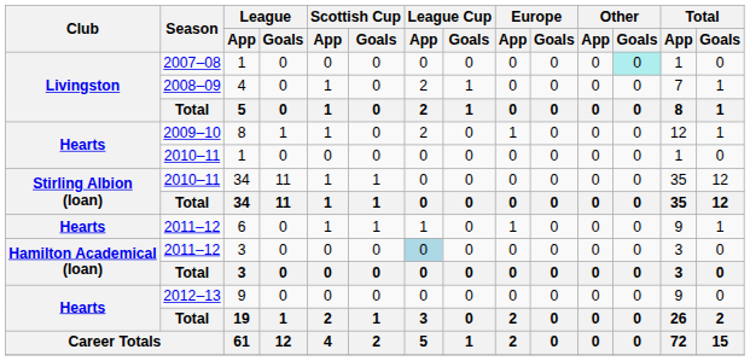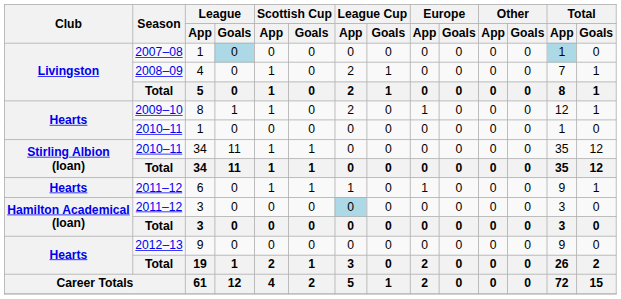 <table class="wikitable" style="text-align: center;">
 <tr>
 <th rowspan=2>Club</th>
 <th rowspan=2>Season</th>
 <th colspan=2>League</th>
 <th colspan=2>Scottish Cup</th>
 <th colspan=2>League Cup</th>
 <th colspan=2>Europe</th>
 <th colspan=2>Other</th>
 <th colspan=2>Total</th>
 </tr>
 <tr>
 <th>App</th>
 <th>Goals</th>
 <th>App</th>
 <th>Goals</th>
 <th>App</th>
 <th>Goals</th>
 <th>App</th>
 <th>Goals</th>
 <th>App</th>
 <th>Goals</th>
 <th>App</th>
 <th>Goals</th>
 </tr>
 <tr>
 <th rowspan=3><a href='#'>Livingston</a></th>
 <td><a href='#'>2007–08</a></td>
 <td>1</td>
+<td style="background: lightblue;">0</td>
 <td>0</td>
 <td>0</td>
 <td>0</td>
 <td>0</td>
 <td>0</td>
 <td>0</td>
 <td>0</td>
 <td>0</td>
-<td style="background: paleturquoise;">0</td>
-<td>1</td>
+<td style="background: lightblue;">1</td>
 <td>0</td>
 </tr>
 <tr>
 <td><a href='#'>2008–09</a></td>
 <td>4</td>
 <td>0</td>
 <td>1</td>
 <td>0</td>
 <td>2</td>
 <td>1</td>
 <td>0</td>
 <td>0</td>
 <td>0</td>
 <td>0</td>
 <td>7</td>
 <td>1</td>
 </tr>
 <tr>
 <th>Total</th>
 <th>5</th>
 <th>0</th>
 <th>1</th>
 <th>0</th>
 <th>2</th>
 <th>1</th>
 <th>0</th>
 <th>0</th>
 <th>0</th>
 <th>0</th>
 <th>8</th>
 <th>1</th>
 </tr>
 <tr>
 <th rowspan=2><a href='#'>Hearts</a></th>
 <td><a href='#'>2009–10</a></td>
 <td>8</td>
 <td>1</td>
 <td>1</td>
 <td>0</td>
 <td>2</td>
 <td>0</td>
 <td>1</td>
 <td>0</td>
 <td>0</td>
 <td>0</td>
 <td>12</td>
 <td>1</td>
 </tr>
 <tr>
 <td><a href='#'>2010–11</a></td>
 <td>1</td>
 <td>0</td>
 <td>0</td>
 <td>0</td>
 <td>0</td>
 <td>0</td>
 <td>0</td>
 <td>0</td>
 <td>0</td>
 <td>0</td>
 <td>1</td>
 <td>0</td>
 </tr>
 <tr>
 <th rowspan=2><a href='#'>Stirling Albion</a> <br>(loan)</th>
 <td><a href='#'>2010–11</a></td>
 <td>34</td>
 <td>11</td>
 <td>1</td>
 <td>1</td>
 <td>0</td>
 <td>0</td>
 <td>0</td>
 <td>0</td>
 <td>0</td>
 <td>0</td>
 <td>35</td>
 <td>12</td>
 </tr>
 <tr>
 <th>Total</th>
 <th>34</th>
 <th>11</th>
 <th>1</th>
 <th>1</th>
 <th>0</th>
 <th>0</th>
 <th>0</th>
 <th>0</th>
 <th>0</th>
 <th>0</th>
 <th>35</th>
 <th>12</th>
 </tr>
 <tr>
 <th rowspan=1><a href='#'>Hearts</a></th>
 <td><a href='#'>2011–12</a></td>
 <td>6</td>
 <td>0</td>
 <td>1</td>
 <td>1</td>
 <td>1</td>
 <td>0</td>
 <td>1</td>
 <td>0</td>
 <td>0</td>
 <td>0</td>
 <td>9</td>
 <td>1</td>
 </tr>
 <tr>
 <th rowspan=2><a href='#'>Hamilton Academical</a> <br>(loan)</th>
 <td><a href='#'>2011–12</a></td>
 <td>3</td>
 <td>0</td>
 <td>0</td>
 <td>0</td>
 <td style="background: lightblue;">0</td>
 <td>0</td>
 <td>0</td>
 <td>0</td>
 <td>0</td>
 <td>0</td>
 <td>3</td>
 <td>0</td>
 </tr>
 <tr>
 <th>Total</th>
 <th>3</th>
 <th>0</th>
 <th>0</th>
 <th>0</th>
 <th>0</th>
 <th>0</th>
 <th>0</th>
 <th>0</th>
 <th>0</th>
 <th>0</th>
 <th>3</th>
 <th>0</th>
 </tr>
 <tr>
 <th rowspan=2><a href='#'>Hearts</a></th>
 <td><a href='#'>2012–13</a></td>
 <td>9</td>
 <td>0</td>
 <td>0</td>
 <td>0</td>
 <td>0</td>
 <td>0</td>
 <td>0</td>
 <td>0</td>
 <td>0</td>
 <td>0</td>
 <td>9</td>
 <td>0</td>
 </tr>
 <tr>
 <th>Total</th>
 <th>19</th>
 <th>1</th>
 <th>2</th>
 <th>1</th>
 <th>3</th>
 <th>0</th>
 <th>2</th>
 <th>0</th>
 <th>0</th>
 <th>0</th>
 <th>26</th>
 <th>2</th>
 </tr>
 <tr>
 <th colspan=2>Career Totals</th>
 <th>61</th>
 <th>12</th>
 <th>4</th>
 <th>2</th>
 <th>5</th>
 <th>1</th>
 <th>2</th>
 <th>0</th>
 <th>0</th>
 <th>0</th>
 <th>72</th>
 <th>15</th>
 </tr>
 <tr>
 </tr>
 </table>
